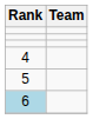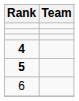 <table class="wikitable">
 <tr>
 <th>Rank</th>
 <th>Team</th>
 </tr>
 <tr>
 <td align=center></td>
 <td></td>
 </tr>
 <tr>
 <td align=center></td>
 <td></td>
 </tr>
 <tr>
 <td align=center></td>
 <td></td>
 </tr>
 <tr>
-<td align=center>4</td>
+<td align=center><strong>4</strong></td>
 <td></td>
 </tr>
 <tr>
-<td align=center>5</td>
+<td align=center><strong>5</strong></td>
 <td></td>
 </tr>
 <tr>
-<td align=center style="background: lightblue;">6</td>
+<td align=center>6</td>
 <td></td>
 </tr>
 <tr>
 </tr>
 </table>
